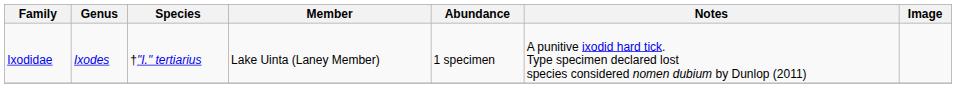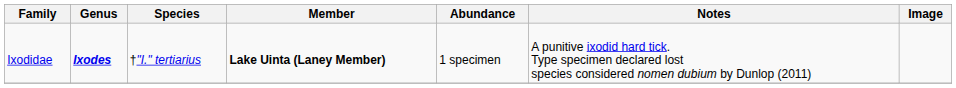 <table class="wikitable" style="margin:auto;width:100%;">
 <tr>
 <th>Family</th>
 <th>Genus</th>
 <th>Species</th>
 <th>Member</th>
 <th>Abundance</th>
 <th>Notes</th>
 <th>Image</th>
 </tr>
 <tr>
 <td><br><a href='#'>Ixodidae</a></td>
-<td><br><em><a href='#'>Ixodes</a></em></td>
+<td><strong><br><em><a href='#'>Ixodes</a></em></strong></td>
 <td><br>†<a href='#'><em>"I." tertiarius</em></a> </td>
-<td><br>Lake Uinta (Laney Member)</td>
+<td><strong><br>Lake Uinta (Laney Member)</strong></td>
 <td><br>1 specimen</td>
 <td><br>A punitive <a href='#'>ixodid hard tick</a>.<br>Type specimen declared lost<br>species considered <em>nomen dubium</em> by Dunlop (2011)</td>
 <td><br></td>
 </tr>
 <tr>
 </tr>
 </table>
